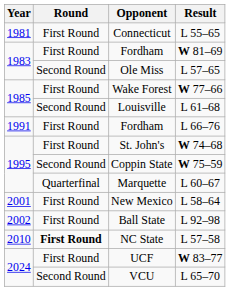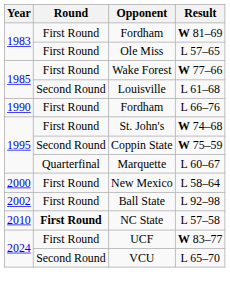 <table class="wikitable sortable" style="text-align:center;">
 <tr>
 <th style="text-align:center;">Year</th>
 <th style="text-align:center;">Round</th>
 <th style="text-align:center;">Opponent</th>
 <th style="text-align:center;">Result</th>
 </tr>
 <tr>
-<td><a href='#'>1981</a></td>
-<td>First Round</td>
-<td>Connecticut</td>
-<td>L 55–65</td>
-</tr>
-<tr>
 <td rowspan="2"><a href='#'>1983</a></td>
 <td>First Round</td>
 <td>Fordham</td>
 <td><strong>W</strong> 81–69</td>
 </tr>
 <tr>
-<td>Second Round</td>
+<td>First Round</td>
 <td>Ole Miss</td>
 <td>L 57–65</td>
 </tr>
 <tr>
 <td rowspan="2"><a href='#'>1985</a></td>
 <td>First Round</td>
 <td>Wake Forest</td>
 <td><strong>W</strong> 77–66</td>
 </tr>
 <tr>
 <td>Second Round</td>
 <td>Louisville</td>
 <td>L 61–68</td>
 </tr>
 <tr>
-<td><a href='#'>1991</a></td>
+<td><a href='#'>1990</a></td>
 <td>First Round</td>
 <td>Fordham</td>
 <td>L 66–76</td>
 </tr>
 <tr>
 <td rowspan="3"><a href='#'>1995</a></td>
 <td>First Round</td>
 <td>St. John's</td>
 <td><strong>W</strong> 74–68</td>
 </tr>
 <tr>
 <td>Second Round</td>
 <td>Coppin State</td>
 <td><strong>W</strong> 75–59</td>
 </tr>
 <tr>
 <td>Quarterfinal</td>
 <td>Marquette</td>
 <td>L 60–67</td>
 </tr>
 <tr>
-<td><a href='#'>2001</a></td>
+<td><a href='#'>2000</a></td>
 <td>First Round</td>
 <td>New Mexico</td>
 <td>L 58–64</td>
 </tr>
 <tr>
 <td><a href='#'>2002</a></td>
 <td>First Round</td>
 <td>Ball State</td>
 <td>L 92–98</td>
 </tr>
 <tr>
 <td><a href='#'>2010</a></td>
 <td><strong>First Round</strong></td>
 <td>NC State</td>
 <td>L 57–58</td>
 </tr>
 <tr>
 <td rowspan="2"><a href='#'>2024</a></td>
 <td>First Round</td>
 <td>UCF</td>
 <td><strong>W</strong> 83–77</td>
 </tr>
 <tr>
 <td>Second Round</td>
 <td>VCU</td>
 <td>L 65–70</td>
 </tr>
 </table>
